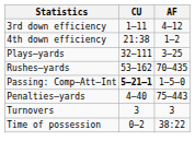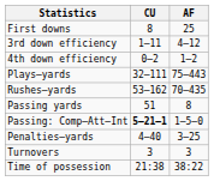 <table class="wikitable">
 <tr>
 <th>Statistics</th>
 <th>CU</th>
 <th>AF</th>
+</tr>
+<tr>
+<td>First downs</td>
+<td align=center>8</td>
+<td align=center>25</td>
 </tr>
 <tr>
 <td>3rd down efficiency</td>
 <td align=center>1–11</td>
 <td align=center>4–12</td>
 </tr>
 <tr>
 <td>4th down efficiency</td>
-<td align=center>21:38</td>
+<td align=center>0–2</td>
 <td align=center>1–2</td>
 </tr>
 <tr>
 <td>Plays–yards</td>
 <td align=center>32–111</td>
-<td align=center>3–25</td>
+<td align=center>75–443</td>
 </tr>
 <tr>
 <td>Rushes–yards</td>
 <td align=center>53–162</td>
 <td align=center>70–435</td>
+</tr>
+<tr>
+<td>Passing yards</td>
+<td align=center>51</td>
+<td align=center>8</td>
 </tr>
 <tr>
 <td>Passing: Comp–Att–Int</td>
 <td align=center><strong>5–21–1</strong></td>
 <td align=center>1–5–0</td>
 </tr>
 <tr>
 <td>Penalties–yards</td>
 <td align=center>4–40</td>
-<td align=center>75–443</td>
+<td align=center>3–25</td>
 </tr>
 <tr>
 <td>Turnovers</td>
 <td align=center>3</td>
 <td align=center>3</td>
 </tr>
 <tr>
 <td>Time of possession</td>
-<td align=center>0–2</td>
+<td align=center>21:38</td>
 <td align=center>38:22</td>
 </tr>
 </table>
